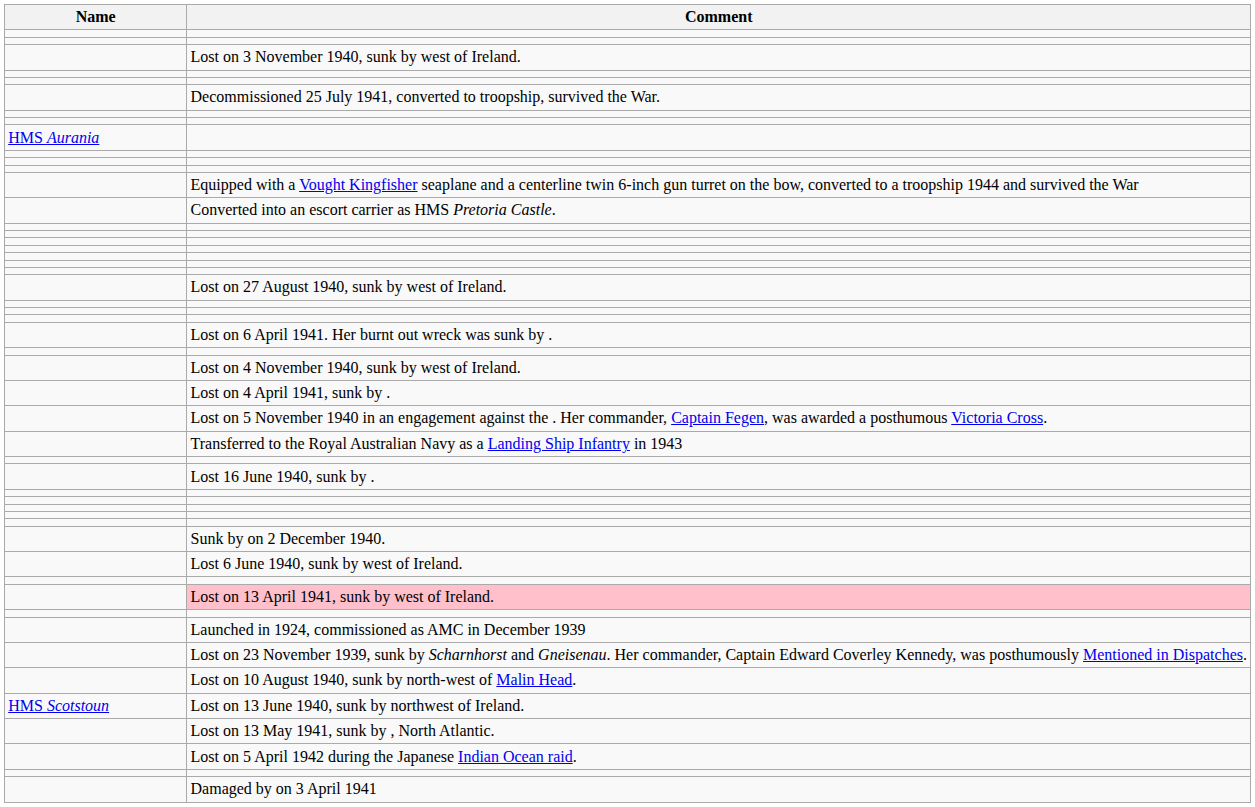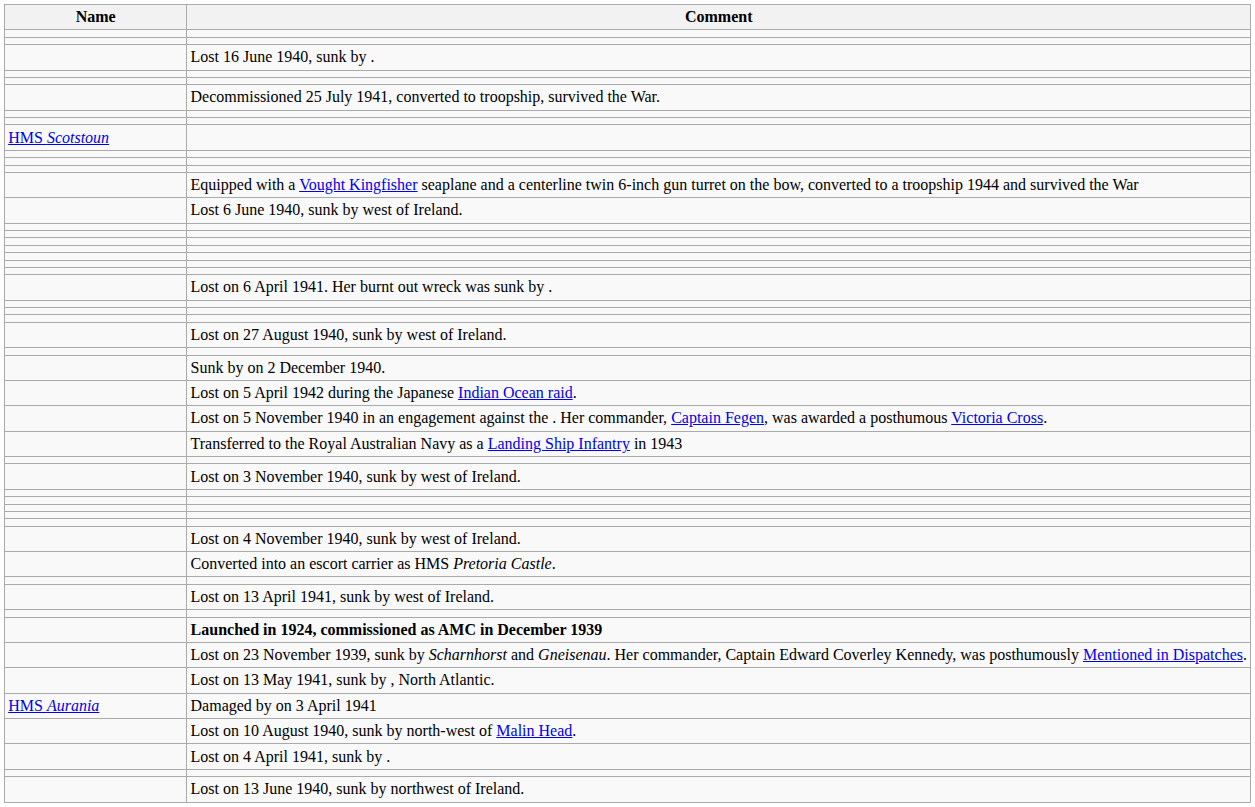 <table class="wikitable">
 <tr>
 <th width="175">Name</th>
 <th>Comment</th>
 </tr>
 <tr>
 <td></td>
 <td></td>
 </tr>
 <tr>
 <td></td>
 <td></td>
 </tr>
 <tr>
 <td></td>
-<td>Lost on 3 November 1940, sunk by  west of Ireland.</td>
+<td>Lost 16 June 1940, sunk by .</td>
 </tr>
 <tr>
 <td></td>
 <td></td>
 </tr>
 <tr>
 <td></td>
 <td></td>
 </tr>
 <tr>
 <td></td>
 <td>Decommissioned 25 July 1941, converted to troopship, survived the War.</td>
 </tr>
 <tr>
 <td></td>
 <td></td>
 </tr>
 <tr>
 <td></td>
 <td></td>
 </tr>
 <tr>
-<td><a href='#'>HMS <em>Aurania</em></a></td>
+<td><a href='#'>HMS <em>Scotstoun</em></a></td>
 <td></td>
 </tr>
 <tr>
 <td></td>
 <td></td>
 </tr>
 <tr>
 <td></td>
 <td></td>
 </tr>
 <tr>
 <td></td>
 <td></td>
 </tr>
 <tr>
 <td></td>
 <td>Equipped with a <a href='#'>Vought Kingfisher</a> seaplane and a centerline twin 6-inch gun turret on the bow, converted to a troopship 1944 and survived the War</td>
 </tr>
 <tr>
 <td></td>
-<td>Converted into an escort carrier as HMS <em>Pretoria Castle</em>.</td>
+<td>Lost 6 June 1940, sunk by  west of Ireland.</td>
 </tr>
 <tr>
 <td></td>
 <td></td>
 </tr>
 <tr>
 <td></td>
 <td></td>
 </tr>
 <tr>
 <td></td>
 <td></td>
 </tr>
 <tr>
 <td></td>
 <td></td>
 </tr>
 <tr>
 <td></td>
 <td></td>
 </tr>
 <tr>
 <td></td>
 <td></td>
 </tr>
 <tr>
 <td></td>
 <td></td>
 </tr>
 <tr>
 <td></td>
-<td>Lost on 27 August 1940, sunk by  west of Ireland.</td>
+<td>Lost on 6 April 1941. Her burnt out wreck was sunk by .</td>
 </tr>
 <tr>
 <td></td>
 <td></td>
 </tr>
 <tr>
 <td></td>
 <td></td>
 </tr>
 <tr>
 <td></td>
 <td></td>
 </tr>
 <tr>
 <td></td>
-<td>Lost on 6 April 1941. Her burnt out wreck was sunk by .</td>
+<td>Lost on 27 August 1940, sunk by  west of Ireland.</td>
 </tr>
 <tr>
 <td></td>
 <td></td>
 </tr>
 <tr>
 <td></td>
-<td>Lost on 4 November 1940, sunk by  west of Ireland.</td>
+<td>Sunk by  on 2 December 1940.</td>
 </tr>
 <tr>
 <td></td>
-<td>Lost on 4 April 1941, sunk by .</td>
+<td>Lost on 5 April 1942 during the Japanese <a href='#'>Indian Ocean raid</a>.</td>
 </tr>
 <tr>
 <td></td>
 <td>Lost on 5 November 1940 in an engagement against the . Her commander, <a href='#'>Captain Fegen</a>, was awarded a posthumous <a href='#'>Victoria Cross</a>.</td>
 </tr>
 <tr>
 <td></td>
 <td>Transferred to the Royal Australian Navy as a <a href='#'>Landing Ship Infantry</a> in 1943</td>
 </tr>
 <tr>
 <td></td>
 <td></td>
 </tr>
 <tr>
 <td></td>
-<td>Lost 16 June 1940, sunk by .</td>
+<td>Lost on 3 November 1940, sunk by  west of Ireland.</td>
 </tr>
 <tr>
 <td></td>
 <td></td>
 </tr>
 <tr>
 <td></td>
 <td></td>
 </tr>
 <tr>
 <td></td>
 <td></td>
 </tr>
 <tr>
 <td></td>
 <td></td>
 </tr>
 <tr>
 <td></td>
 <td></td>
 </tr>
 <tr>
 <td></td>
-<td>Sunk by  on 2 December 1940.</td>
+<td>Lost on 4 November 1940, sunk by  west of Ireland.</td>
 </tr>
 <tr>
 <td></td>
-<td>Lost 6 June 1940, sunk by  west of Ireland.</td>
+<td>Converted into an escort carrier as HMS <em>Pretoria Castle</em>.</td>
 </tr>
 <tr>
 <td></td>
 <td></td>
 </tr>
 <tr>
 <td></td>
-<td style="background: pink;">Lost on 13 April 1941, sunk by  west of Ireland.</td>
+<td>Lost on 13 April 1941, sunk by  west of Ireland.</td>
 </tr>
 <tr>
 <td></td>
 <td></td>
 </tr>
 <tr>
 <td></td>
-<td>Launched in 1924, commissioned as AMC in December 1939</td>
+<td><strong>Launched in 1924, commissioned as AMC in December 1939</strong></td>
 </tr>
 <tr>
 <td></td>
 <td>Lost on 23 November 1939, sunk by <em>Scharnhorst</em> and <em>Gneisenau</em>. Her commander, Captain Edward Coverley Kennedy, was posthumously <a href='#'>Mentioned in Dispatches</a>.</td>
 </tr>
 <tr>
 <td></td>
+<td>Lost on 13 May 1941, sunk by , North Atlantic.</td>
+</tr>
+<tr>
+<td><a href='#'>HMS <em>Aurania</em></a></td>
+<td>Damaged by  on 3 April 1941</td>
+</tr>
+<tr>
+<td></td>
 <td>Lost on 10 August 1940, sunk by  north-west of <a href='#'>Malin Head</a>.</td>
 </tr>
 <tr>
-<td><a href='#'>HMS <em>Scotstoun</em></a></td>
-<td>Lost on 13 June 1940, sunk by  northwest of Ireland.</td>
-</tr>
-<tr>
 <td></td>
-<td>Lost on 13 May 1941, sunk by , North Atlantic.</td>
-</tr>
-<tr>
-<td></td>
-<td>Lost on 5 April 1942 during the Japanese <a href='#'>Indian Ocean raid</a>.</td>
+<td>Lost on 4 April 1941, sunk by .</td>
 </tr>
 <tr>
 <td></td>
 <td></td>
 </tr>
 <tr>
 <td></td>
-<td>Damaged by  on 3 April 1941</td>
+<td>Lost on 13 June 1940, sunk by  northwest of Ireland.</td>
 </tr>
 </table>
